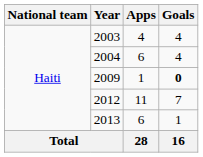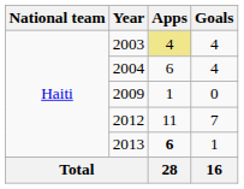 <table class="wikitable" style="text-align:center">
 <tr>
 <th>National team</th>
 <th>Year</th>
 <th>Apps</th>
 <th>Goals</th>
 </tr>
 <tr>
 <td rowspan="5"><a href='#'>Haiti</a></td>
 <td>2003</td>
-<td>4</td>
+<td style="background: khaki;">4</td>
 <td>4</td>
 </tr>
 <tr>
 <td>2004</td>
 <td>6</td>
 <td>4</td>
 </tr>
 <tr>
 <td>2009</td>
 <td>1</td>
-<td><strong>0</strong></td>
+<td>0</td>
 </tr>
 <tr>
 <td>2012</td>
 <td>11</td>
 <td>7</td>
 </tr>
 <tr>
 <td>2013</td>
-<td>6</td>
+<td><strong>6</strong></td>
 <td>1</td>
 </tr>
 <tr>
 <th colspan="2">Total</th>
 <th>28</th>
 <th>16</th>
 </tr>
 </table>
